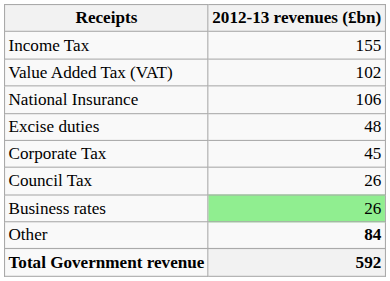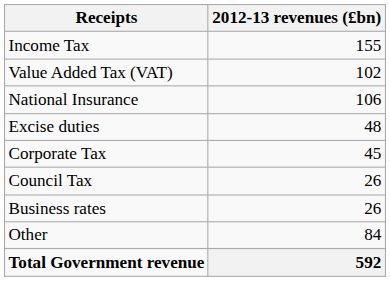 <table class="wikitable sortable">
 <tr>
 <th>Receipts</th>
 <th style="text-align: right">2012-13 revenues (£bn)</th>
 </tr>
 <tr>
 <td>Income Tax</td>
 <td style="text-align: right">155</td>
 </tr>
 <tr>
 <td>Value Added Tax (VAT)</td>
 <td style="text-align: right">102</td>
 </tr>
 <tr>
 <td>National Insurance</td>
 <td style="text-align: right">106</td>
 </tr>
 <tr>
 <td>Excise duties</td>
 <td style="text-align: right">48</td>
 </tr>
 <tr>
 <td>Corporate Tax</td>
 <td style="text-align: right">45</td>
 </tr>
 <tr>
 <td>Council Tax</td>
 <td style="text-align: right">26</td>
 </tr>
 <tr>
 <td>Business rates</td>
-<td style="background: lightgreen; text-align: right">26</td>
+<td style="text-align: right">26</td>
 </tr>
 <tr>
 <td>Other</td>
-<td style="text-align: right"><strong>84</strong></td>
+<td style="text-align: right">84</td>
 </tr>
 <tr>
 </tr>
 <tr class="sortbottom">
 <td style="text-align: left"><strong>Total Government revenue</strong></td>
 <th style="text-align: right">592</th>
 </tr>
 </table>
